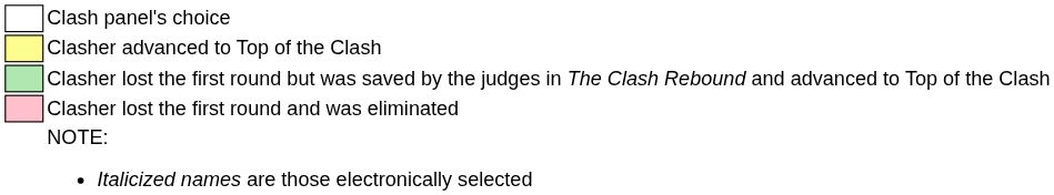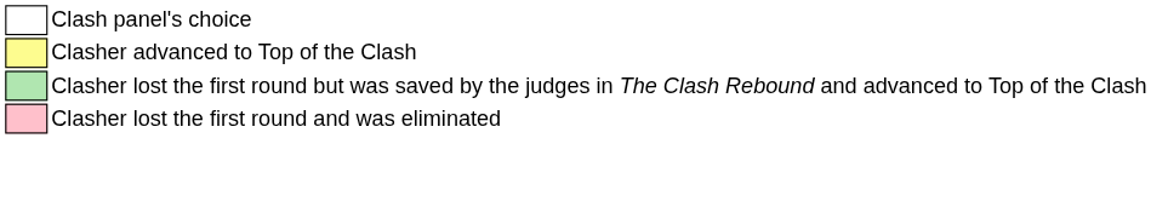 <table class="toccolours" style="white-space: nowrap;">
 <tr>
 <td style="background:white; border: 1px solid black;"> <strong></strong> </td>
 <td>Clash panel's choice</td>
 </tr>
 <tr>
 <td style="background:#fdfc8f; border: 1px solid black">    </td>
 <td>Clasher advanced to Top of the Clash</td>
 </tr>
 <tr>
 <td style="background:#b0e6b0; border:1px solid black;">      </td>
 <td>Clasher lost the first round but was saved by the judges in <em>The Clash Rebound</em> and advanced to Top of the Clash</td>
 </tr>
 <tr>
 <td style="background:pink; border:1px solid black;">      </td>
 <td>Clasher lost the first round and was eliminated</td>
 </tr>
-<tr>
-<td style="background:none; border: 0px solid black">    </td>
-<td>NOTE:<br><ul><li><em>Italicized names</em> are those electronically selected</li></ul></td>
-</tr>
 </table>
